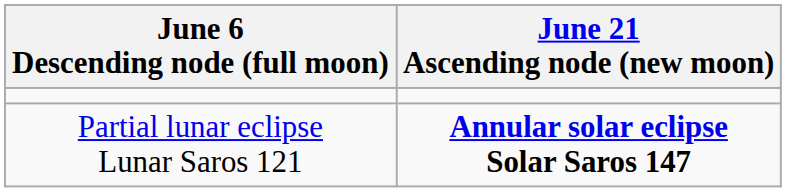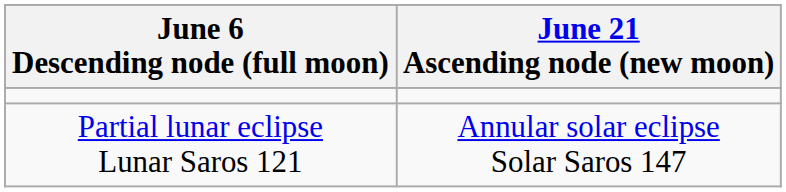 <table class="wikitable">
 <tr>
 <th>June 6<br>Descending node (full moon)<br></th>
 <th><a href='#'>June 21</a><br>Ascending node (new moon)<br></th>
 </tr>
 <tr>
 <td></td>
 <td></td>
 </tr>
 <tr align=center>
 <td><a href='#'>Partial lunar eclipse</a><br>Lunar Saros 121</td>
-<td><strong><a href='#'>Annular solar eclipse</a><br>Solar Saros 147</strong></td>
+<td><a href='#'>Annular solar eclipse</a><br>Solar Saros 147</td>
 </tr>
 </table>
